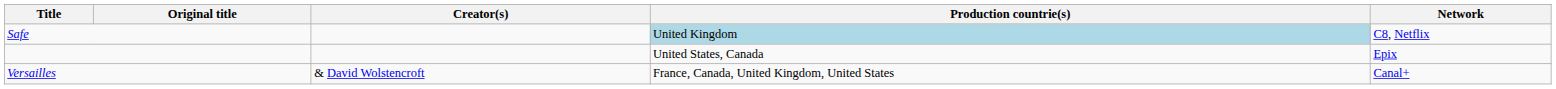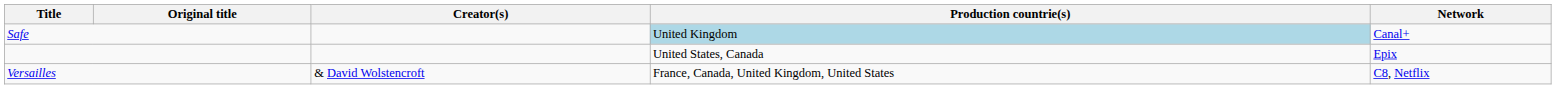 <table class="sortable wikitable" style="width:100%; margin-bottom:4px">
 <tr>
 <th scope="col">Title</th>
 <th scope="col">Original title</th>
 <th scope="col">Creator(s)</th>
 <th scope="col">Production countrie(s)</th>
 <th scope="col">Network</th>
 </tr>
 <tr>
 <td colspan="2"><em><a href='#'>Safe</a></em> </td>
 <td></td>
 <td style="background: lightblue;">United Kingdom</td>
-<td><a href='#'>C8</a>, <a href='#'>Netflix</a></td>
+<td><a href='#'>Canal+</a></td>
 </tr>
 <tr>
 <td colspan="2"><em></em> </td>
 <td></td>
 <td>United States, Canada</td>
 <td><a href='#'>Epix</a></td>
 </tr>
 <tr>
 <td colspan="2"><em><a href='#'>Versailles</a></em> </td>
 <td> & <a href='#'>David Wolstencroft</a></td>
 <td>France, Canada, United Kingdom, United States</td>
-<td><a href='#'>Canal+</a></td>
+<td><a href='#'>C8</a>, <a href='#'>Netflix</a></td>
 </tr>
 </table>
